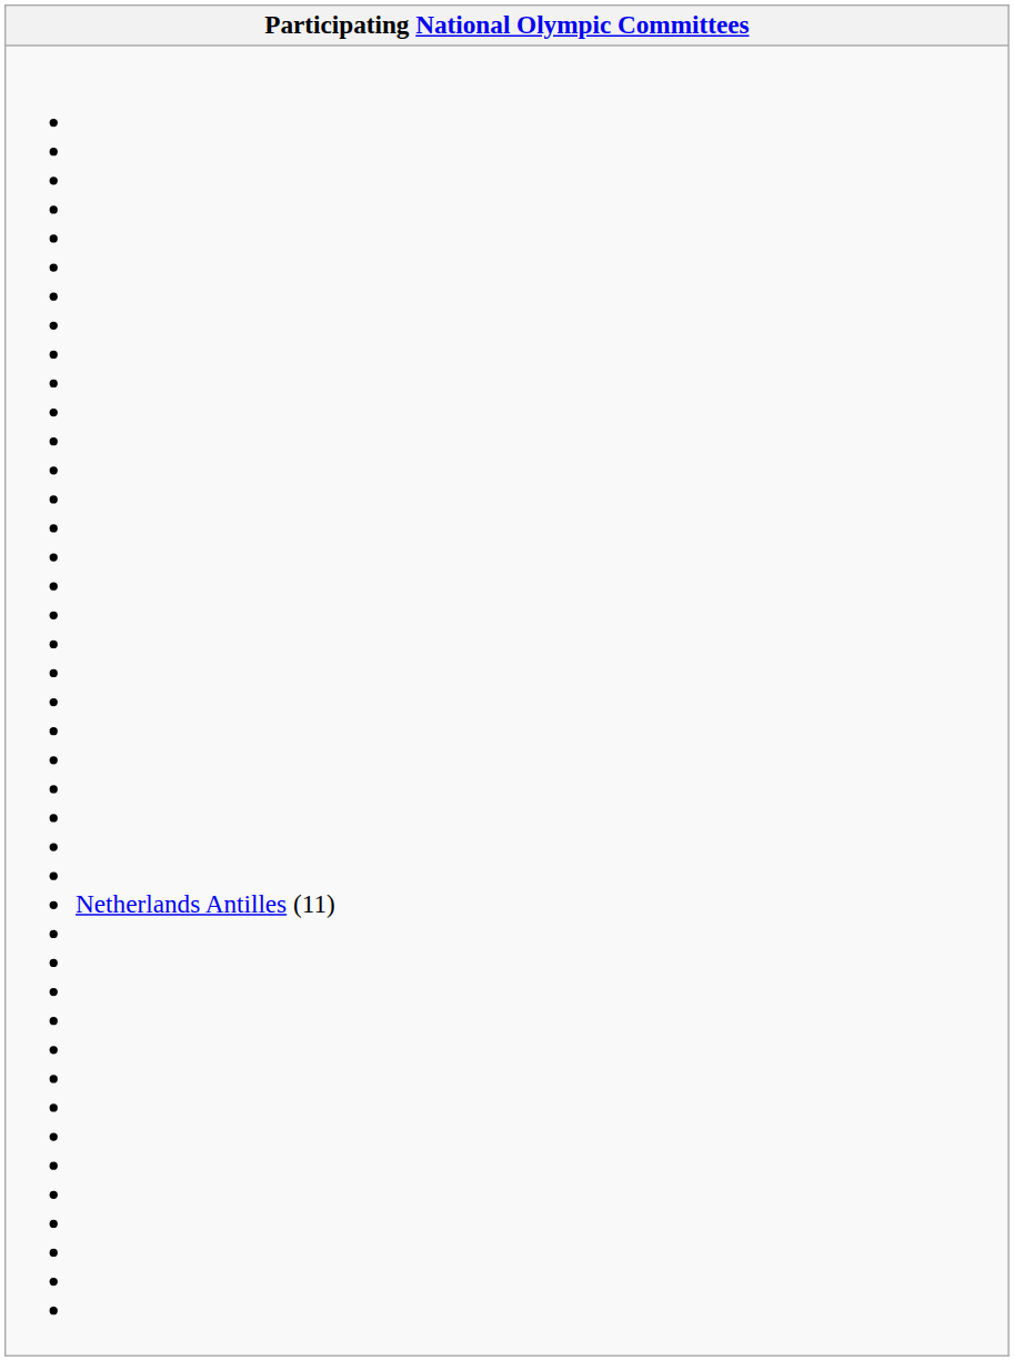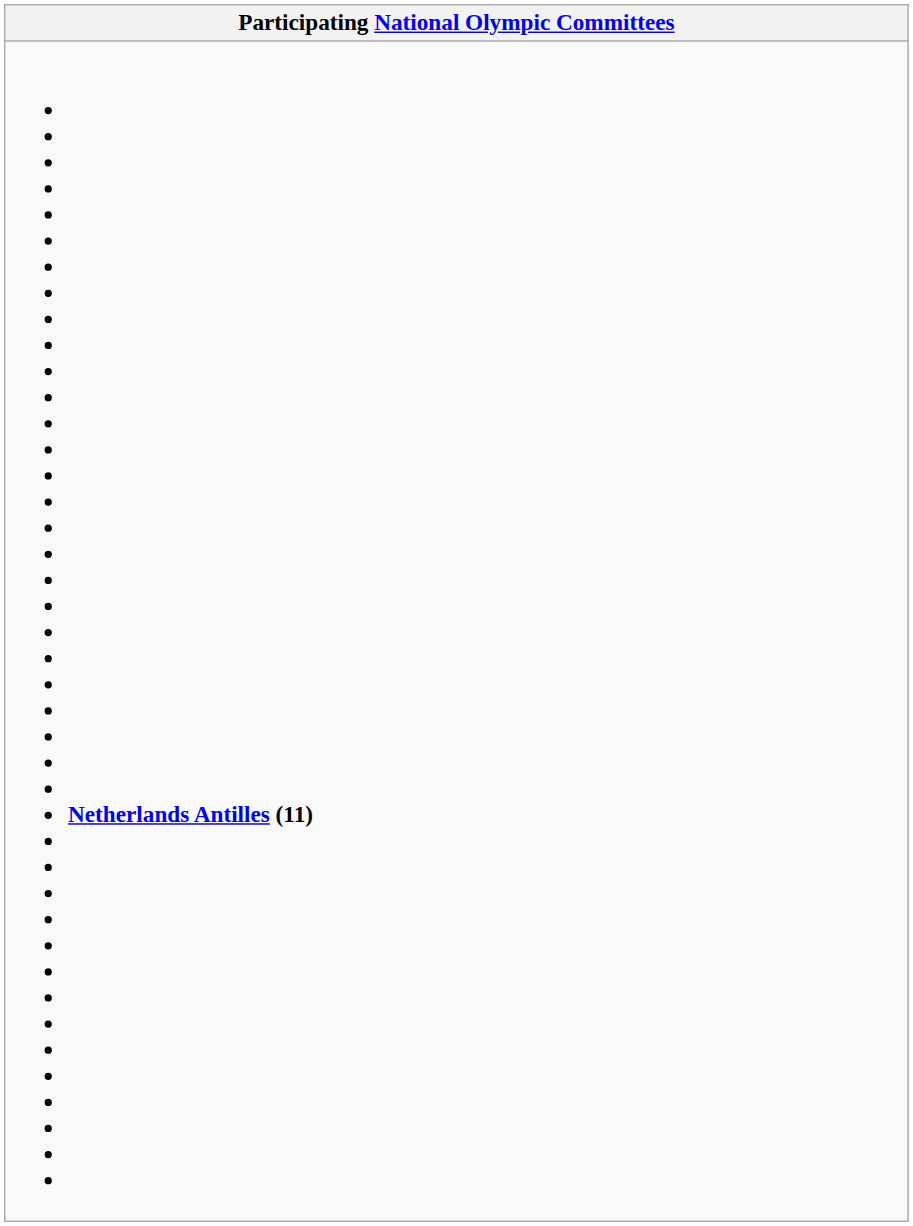 <table class="wikitable mw-collapsible" style="width:100%;">
 <tr>
 <th>Participating <a href='#'>National Olympic Committees</a></th>
 </tr>
 <tr>
-<td><br><ul><li></li><li></li><li></li><li></li><li></li><li></li><li></li><li></li><li></li><li></li><li></li><li></li><li></li><li></li><li></li><li></li><li></li><li></li><li></li><li></li><li></li><li></li><li></li><li></li><li></li><li></li><li></li><li> <a href='#'>Netherlands Antilles</a> (11)</li><li></li><li></li><li></li><li></li><li></li><li></li><li></li><li></li><li></li><li></li><li></li><li></li><li></li><li></li></ul></td>
+<td><strong><br><ul><li></li><li></li><li></li><li></li><li></li><li></li><li></li><li></li><li></li><li></li><li></li><li></li><li></li><li></li><li></li><li></li><li></li><li></li><li></li><li></li><li></li><li></li><li></li><li></li><li></li><li></li><li></li><li> <a href='#'>Netherlands Antilles</a> (11)</li><li></li><li></li><li></li><li></li><li></li><li></li><li></li><li></li><li></li><li></li><li></li><li></li><li></li><li></li></ul></strong></td>
 </tr>
 </table>
